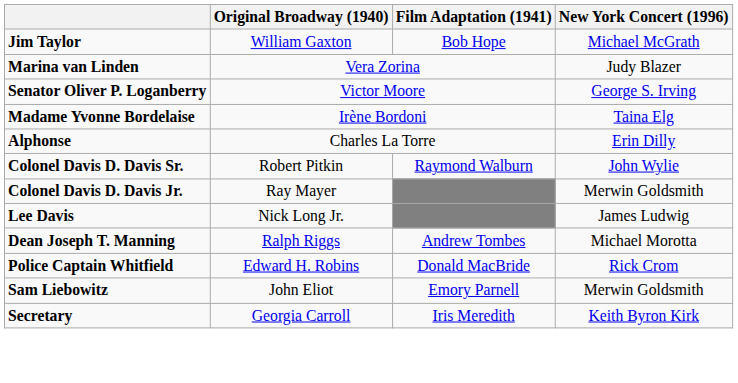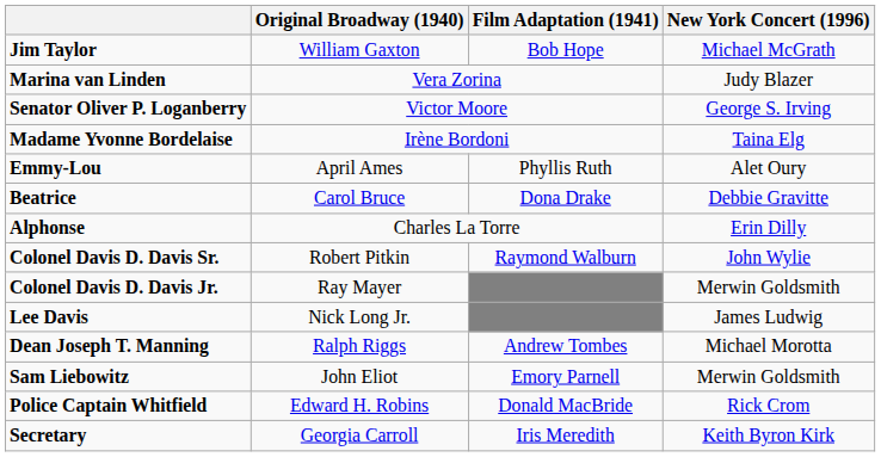 <table class="wikitable">
 <tr>
 <th></th>
 <th>Original Broadway (1940)</th>
 <th>Film Adaptation (1941)</th>
 <th>New York Concert (1996)</th>
 </tr>
 <tr>
 <td><strong>Jim Taylor</strong></td>
 <td style="text-align:center;"><a href='#'>William Gaxton</a></td>
 <td style="text-align:center;"><a href='#'>Bob Hope</a></td>
 <td style="text-align:center;"><a href='#'>Michael McGrath</a></td>
 </tr>
 <tr>
 <td><strong>Marina van Linden</strong></td>
 <td style="text-align:center;" colspan="2"><a href='#'>Vera Zorina</a></td>
 <td style="text-align:center;">Judy Blazer</td>
 </tr>
 <tr>
 <td><strong>Senator Oliver P. Loganberry</strong></td>
 <td style="text-align:center;" colspan="2"><a href='#'>Victor Moore</a></td>
 <td style="text-align:center;"><a href='#'>George S. Irving</a></td>
 </tr>
 <tr>
 <td><strong>Madame Yvonne Bordelaise</strong></td>
 <td style="text-align:center;" colspan="2"><a href='#'>Irène Bordoni</a></td>
 <td style="text-align:center;"><a href='#'>Taina Elg</a></td>
+</tr>
+<tr>
+<td><strong>Emmy-Lou</strong></td>
+<td style="text-align:center;">April Ames</td>
+<td style="text-align:center;">Phyllis Ruth</td>
+<td style="text-align:center;">Alet Oury</td>
+</tr>
+<tr>
+<td><strong>Beatrice</strong></td>
+<td style="text-align:center;"><a href='#'>Carol Bruce</a></td>
+<td style="text-align:center;"><a href='#'>Dona Drake</a></td>
+<td style="text-align:center;"><a href='#'>Debbie Gravitte</a></td>
 </tr>
 <tr>
 <td><strong>Alphonse</strong></td>
 <td style="text-align:center;" colspan="2">Charles La Torre</td>
 <td style="text-align:center;"><a href='#'>Erin Dilly</a></td>
 </tr>
 <tr>
 <td><strong>Colonel Davis D. Davis Sr.</strong></td>
 <td style="text-align:center;">Robert Pitkin</td>
 <td style="text-align:center;"><a href='#'>Raymond Walburn</a></td>
 <td style="text-align:center;"><a href='#'>John Wylie</a></td>
 </tr>
 <tr>
 <td><strong>Colonel Davis D. Davis Jr.</strong></td>
 <td style="text-align:center;">Ray Mayer</td>
 <td style='background: #808080'></td>
 <td style="text-align:center;">Merwin Goldsmith</td>
 </tr>
 <tr>
 <td><strong>Lee Davis</strong></td>
 <td style="text-align:center;">Nick Long Jr.</td>
 <td style='background: #808080'></td>
 <td style="text-align:center;">James Ludwig</td>
 </tr>
 <tr>
 <td><strong>Dean Joseph T. Manning</strong></td>
 <td style="text-align:center;"><a href='#'>Ralph Riggs</a></td>
 <td style="text-align:center;"><a href='#'>Andrew Tombes</a></td>
 <td style="text-align:center;">Michael Morotta</td>
 </tr>
 <tr>
+<td><strong>Sam Liebowitz</strong></td>
+<td style="text-align:center;">John Eliot</td>
+<td style="text-align:center;"><a href='#'>Emory Parnell</a></td>
+<td style="text-align:center;">Merwin Goldsmith</td>
+</tr>
+<tr>
 <td><strong>Police Captain Whitfield</strong></td>
 <td style="text-align:center;"><a href='#'>Edward H. Robins</a></td>
 <td style="text-align:center;"><a href='#'>Donald MacBride</a></td>
 <td style="text-align:center;"><a href='#'>Rick Crom</a></td>
-</tr>
-<tr>
-<td><strong>Sam Liebowitz</strong></td>
-<td style="text-align:center;">John Eliot</td>
-<td style="text-align:center;"><a href='#'>Emory Parnell</a></td>
-<td style="text-align:center;">Merwin Goldsmith</td>
 </tr>
 <tr>
 <td><strong>Secretary</strong></td>
 <td style="text-align:center;"><a href='#'>Georgia Carroll</a></td>
 <td style="text-align:center;"><a href='#'>Iris Meredith</a></td>
 <td style="text-align:center;"><a href='#'>Keith Byron Kirk</a></td>
 </tr>
 </table>
